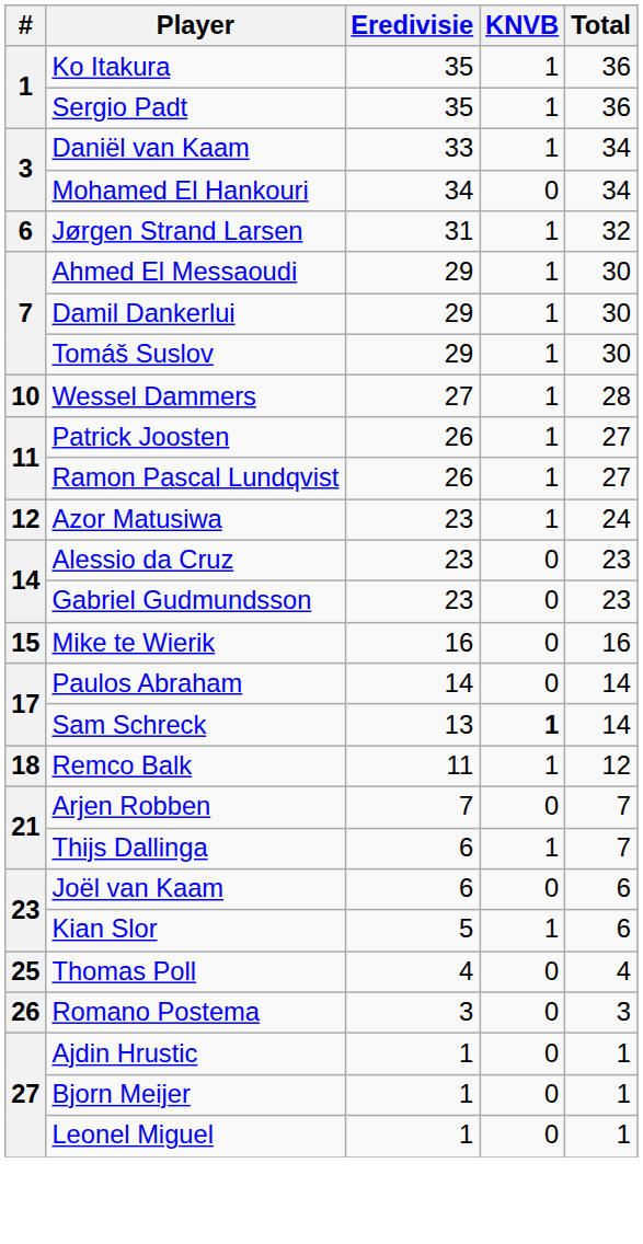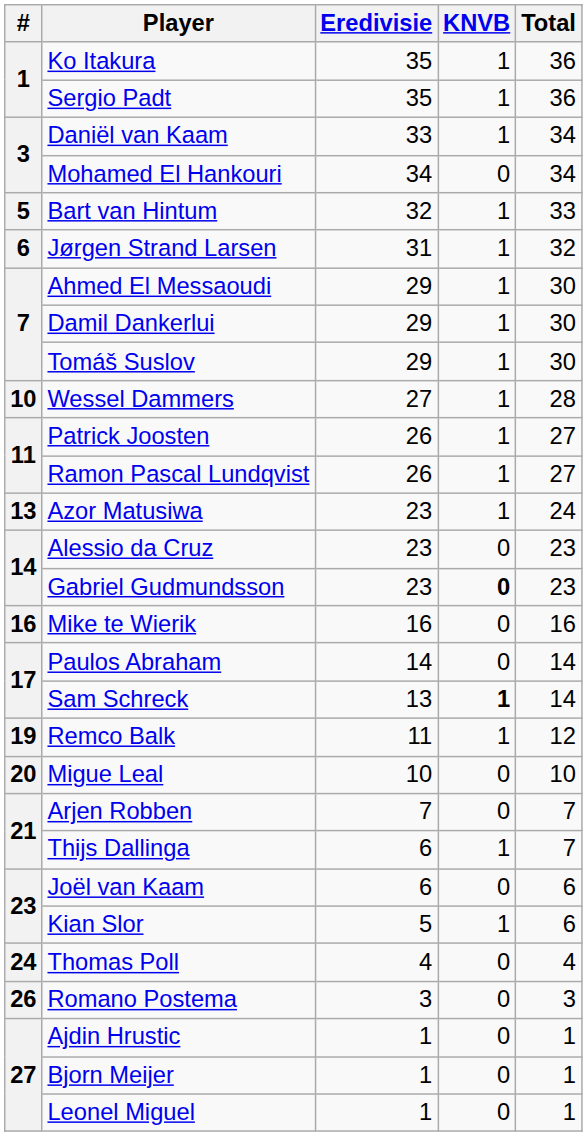 <table class="wikitable" style="text-align:right;">
 <tr>
 <th>#</th>
 <th>Player</th>
 <th><a href='#'>Eredivisie</a></th>
 <th><a href='#'>KNVB</a></th>
 <th>Total</th>
 </tr>
 <tr>
 <th rowspan=2 align=center>1</th>
 <td align=left> <a href='#'>Ko Itakura</a></td>
 <td>35</td>
 <td>1</td>
 <td>36</td>
 </tr>
 <tr>
 <td align=left> <a href='#'>Sergio Padt</a></td>
 <td>35</td>
 <td>1</td>
 <td>36</td>
 </tr>
 <tr>
 <th rowspan=2 align=center>3</th>
 <td align=left> <a href='#'>Daniël van Kaam</a></td>
 <td>33</td>
 <td>1</td>
 <td>34</td>
 </tr>
 <tr>
 <td align=left> <a href='#'>Mohamed El Hankouri</a></td>
 <td>34</td>
 <td>0</td>
 <td>34</td>
+</tr>
+<tr>
+<th align=center>5</th>
+<td align=left> <a href='#'>Bart van Hintum</a></td>
+<td>32</td>
+<td>1</td>
+<td>33</td>
 </tr>
 <tr>
 <th align=center>6</th>
 <td align=left> <a href='#'>Jørgen Strand Larsen</a></td>
 <td>31</td>
 <td>1</td>
 <td>32</td>
 </tr>
 <tr>
 <th rowspan=3 align=center>7</th>
 <td align=left> <a href='#'>Ahmed El Messaoudi</a></td>
 <td>29</td>
 <td>1</td>
 <td>30</td>
 </tr>
 <tr>
 <td align=left> <a href='#'>Damil Dankerlui</a></td>
 <td>29</td>
 <td>1</td>
 <td>30</td>
 </tr>
 <tr>
 <td align=left> <a href='#'>Tomáš Suslov</a></td>
 <td>29</td>
 <td>1</td>
 <td>30</td>
 </tr>
 <tr>
 <th align=center>10</th>
 <td align=left> <a href='#'>Wessel Dammers</a></td>
 <td>27</td>
 <td>1</td>
 <td>28</td>
 </tr>
 <tr>
 <th rowspan=2 align=center>11</th>
 <td align=left> <a href='#'>Patrick Joosten</a></td>
 <td>26</td>
 <td>1</td>
 <td>27</td>
 </tr>
 <tr>
 <td align=left> <a href='#'>Ramon Pascal Lundqvist</a></td>
 <td>26</td>
 <td>1</td>
 <td>27</td>
 </tr>
 <tr>
-<th align=center>12</th>
+<th align=center>13</th>
 <td align=left> <a href='#'>Azor Matusiwa</a></td>
 <td>23</td>
 <td>1</td>
 <td>24</td>
 </tr>
 <tr>
 <th rowspan=2 align=center>14</th>
 <td align=left> <a href='#'>Alessio da Cruz</a></td>
 <td>23</td>
 <td>0</td>
 <td>23</td>
 </tr>
 <tr>
 <td align=left> <a href='#'>Gabriel Gudmundsson</a></td>
 <td>23</td>
-<td>0</td>
+<td><strong>0</strong></td>
 <td>23</td>
 </tr>
 <tr>
-<th align=center>15</th>
+<th align=center>16</th>
 <td align=left> <a href='#'>Mike te Wierik</a></td>
 <td>16</td>
 <td>0</td>
 <td>16</td>
 </tr>
 <tr>
 <th rowspan=2 align=center>17</th>
 <td align=left> <a href='#'>Paulos Abraham</a></td>
 <td>14</td>
 <td>0</td>
 <td>14</td>
 </tr>
 <tr>
 <td align=left> <a href='#'>Sam Schreck</a></td>
 <td>13</td>
 <td><strong>1</strong></td>
 <td>14</td>
 </tr>
 <tr>
-<th align=center>18</th>
+<th align=center>19</th>
 <td align=left> <a href='#'>Remco Balk</a></td>
 <td>11</td>
 <td>1</td>
 <td>12</td>
+</tr>
+<tr>
+<th align=center>20</th>
+<td align=left> <a href='#'>Migue Leal</a></td>
+<td>10</td>
+<td>0</td>
+<td>10</td>
 </tr>
 <tr>
 <th rowspan=2 align=center>21</th>
 <td align=left> <a href='#'>Arjen Robben</a></td>
 <td>7</td>
 <td>0</td>
 <td>7</td>
 </tr>
 <tr>
 <td align=left> <a href='#'>Thijs Dallinga</a></td>
 <td>6</td>
 <td>1</td>
 <td>7</td>
 </tr>
 <tr>
 <th rowspan=2 align=center>23</th>
 <td align=left> <a href='#'>Joël van Kaam</a></td>
 <td>6</td>
 <td>0</td>
 <td>6</td>
 </tr>
 <tr>
 <td align=left> <a href='#'>Kian Slor</a></td>
 <td>5</td>
 <td>1</td>
 <td>6</td>
 </tr>
 <tr>
-<th align=center>25</th>
+<th align=center>24</th>
 <td align=left> <a href='#'>Thomas Poll</a></td>
 <td>4</td>
 <td>0</td>
 <td>4</td>
 </tr>
 <tr>
 <th align=center>26</th>
 <td align=left> <a href='#'>Romano Postema</a></td>
 <td>3</td>
 <td>0</td>
 <td>3</td>
 </tr>
 <tr>
 <th rowspan=3 align=center>27</th>
 <td align=left> <a href='#'>Ajdin Hrustic</a></td>
 <td>1</td>
 <td>0</td>
 <td>1</td>
 </tr>
 <tr>
 <td align=left> <a href='#'>Bjorn Meijer</a></td>
 <td>1</td>
 <td>0</td>
 <td>1</td>
 </tr>
 <tr>
 <td align=left> <a href='#'>Leonel Miguel</a></td>
 <td>1</td>
 <td>0</td>
 <td>1</td>
 </tr>
 </table>
